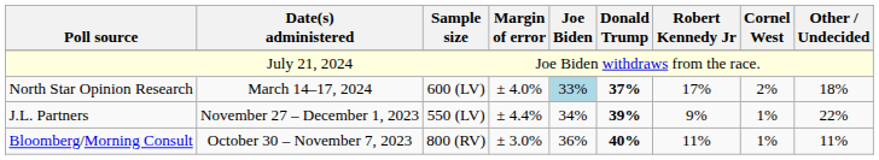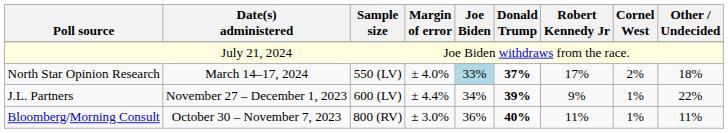 <table class="wikitable sortable mw-datatable" style="font-size:90%;text-align:center;line-height:17px">
 <tr valign=bottom>
 <th>Poll source</th>
 <th>Date(s)<br>administered</th>
 <th>Sample<br>size</th>
 <th>Margin<br>of error</th>
 <th class="unsortable">Joe<br>Biden<br></th>
 <th class="unsortable">Donald<br>Trump<br></th>
 <th class="unsortable">Robert<br>Kennedy Jr<br></th>
 <th class="unsortable">Cornel<br>West<br></th>
 <th class="unsortable">Other /<br>Undecided</th>
 </tr>
 <tr>
 </tr>
 <tr style="background:lightyellow;">
 <td style="border-right-style:hidden;"></td>
 <td style="border-right-style:hidden; " data-sort-value="2024-07-21">July 21, 2024</td>
 <td colspan="7">Joe Biden <a href='#'>withdraws</a> from the race.</td>
 </tr>
 <tr>
 <td style="text-align:left;">North Star Opinion Research</td>
 <td data-sort-value="2024-03-18">March 14–17, 2024</td>
-<td>600 (LV)</td>
+<td>550 (LV)</td>
 <td>± 4.0%</td>
 <td style="background: lightblue;">33%</td>
 <td style="background-color:"><strong>37%</strong></td>
 <td>17%</td>
 <td>2%</td>
 <td>18%</td>
 </tr>
 <tr>
 <td style="text-align:left;">J.L. Partners</td>
 <td data-sort-value="2023-12-01">November 27 – December 1, 2023</td>
-<td>550 (LV)</td>
+<td>600 (LV)</td>
 <td>± 4.4%</td>
 <td>34%</td>
 <td style="background-color:"><strong>39%</strong></td>
 <td>9%</td>
 <td>1%</td>
 <td>22%</td>
 </tr>
 <tr>
 <td style="text-align:left;"><a href='#'>Bloomberg</a>/<a href='#'>Morning Consult</a></td>
 <td data-sort-value="2023-11-09">October 30 – November 7, 2023</td>
 <td>800 (RV)</td>
 <td>± 3.0%</td>
 <td>36%</td>
 <td style="background-color:"><strong>40%</strong></td>
 <td>11%</td>
 <td>1%</td>
 <td>11%</td>
 </tr>
 </table>
